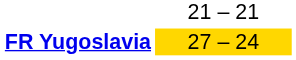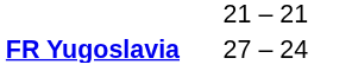 <table style="text-align:center">
 <tr>
 <th width=200></th>
 <th width=100></th>
 <th width=200></th>
 </tr>
 <tr>
 <td align=right><strong></strong></td>
 <td>21 – 21</td>
 <td align=left><strong></strong></td>
 </tr>
 <tr>
 <td align=right><strong><a href='#'>FR Yugoslavia</a> </strong></td>
-<td style="background: gold;">27 – 24</td>
+<td>27 – 24</td>
 <td align=left></td>
 </tr>
 </table>
